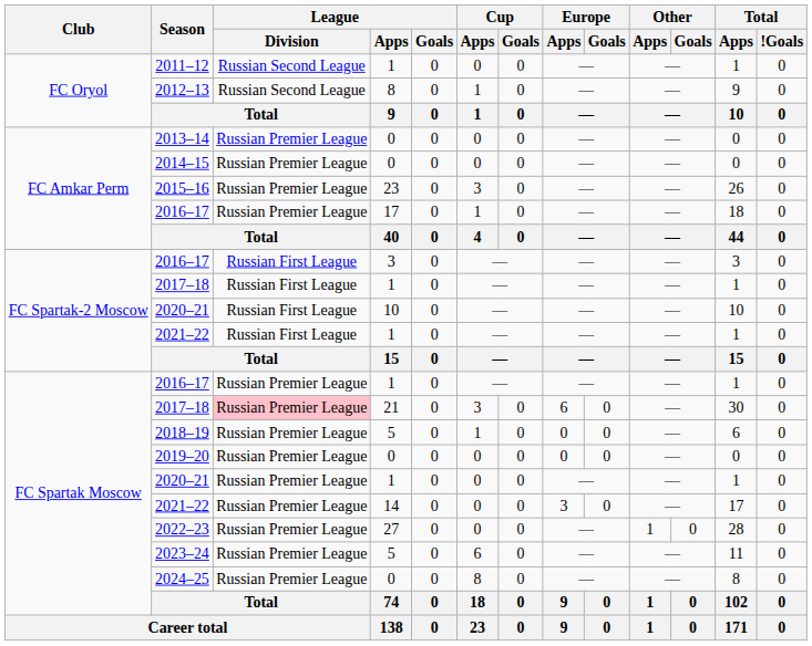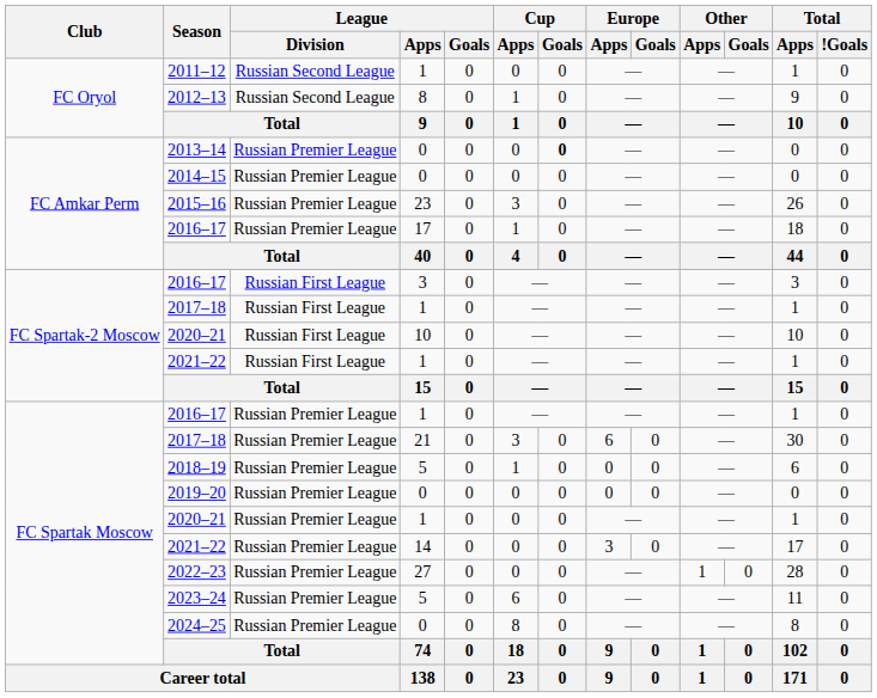 <table class="wikitable" style="text-align: center;">
 <tr>
 <th rowspan="2">Club</th>
 <th rowspan="2">Season</th>
 <th colspan="3">League</th>
 <th colspan="2">Cup</th>
 <th colspan="2">Europe</th>
 <th colspan="2">Other</th>
 <th colspan="2">Total</th>
 </tr>
 <tr>
 <th>Division</th>
 <th>Apps</th>
 <th>Goals</th>
 <th>Apps</th>
 <th>Goals</th>
 <th>Apps</th>
 <th>Goals</th>
 <th>Apps</th>
 <th>Goals</th>
 <th>Apps</th>
 <th>!Goals</th>
 </tr>
 <tr>
 <td rowspan=3><a href='#'>FC Oryol</a></td>
 <td><a href='#'>2011–12</a></td>
 <td><a href='#'>Russian Second League</a></td>
 <td>1</td>
 <td>0</td>
 <td>0</td>
 <td>0</td>
 <td colspan="2">—</td>
 <td colspan="2">—</td>
 <td>1</td>
 <td>0</td>
 </tr>
 <tr>
 <td><a href='#'>2012–13</a></td>
 <td>Russian Second League</td>
 <td>8</td>
 <td>0</td>
 <td>1</td>
 <td>0</td>
 <td colspan="2">—</td>
 <td colspan="2">—</td>
 <td>9</td>
 <td>0</td>
 </tr>
 <tr>
 <th colspan="2">Total</th>
 <th>9</th>
 <th>0</th>
 <th>1</th>
 <th>0</th>
 <th colspan="2">—</th>
 <th colspan="2">—</th>
 <th>10</th>
 <th>0</th>
 </tr>
 <tr>
 <td rowspan="5"><a href='#'>FC Amkar Perm</a></td>
 <td><a href='#'>2013–14</a></td>
 <td><a href='#'>Russian Premier League</a></td>
 <td>0</td>
 <td>0</td>
 <td>0</td>
-<td>0</td>
+<td><strong>0</strong></td>
 <td colspan="2">—</td>
 <td colspan="2">—</td>
 <td>0</td>
 <td>0</td>
 </tr>
 <tr>
 <td><a href='#'>2014–15</a></td>
 <td>Russian Premier League</td>
 <td>0</td>
 <td>0</td>
 <td>0</td>
 <td>0</td>
 <td colspan="2">—</td>
 <td colspan="2">—</td>
 <td>0</td>
 <td>0</td>
 </tr>
 <tr>
 <td><a href='#'>2015–16</a></td>
 <td>Russian Premier League</td>
 <td>23</td>
 <td>0</td>
 <td>3</td>
 <td>0</td>
 <td colspan="2">—</td>
 <td colspan="2">—</td>
 <td>26</td>
 <td>0</td>
 </tr>
 <tr>
 <td><a href='#'>2016–17</a></td>
 <td>Russian Premier League</td>
 <td>17</td>
 <td>0</td>
 <td>1</td>
 <td>0</td>
 <td colspan="2">—</td>
 <td colspan="2">—</td>
 <td>18</td>
 <td>0</td>
 </tr>
 <tr>
 <th colspan="2">Total</th>
 <th>40</th>
 <th>0</th>
 <th>4</th>
 <th>0</th>
 <th colspan="2">—</th>
 <th colspan="2">—</th>
 <th>44</th>
 <th>0</th>
 </tr>
 <tr>
 <td rowspan="5"><a href='#'>FC Spartak-2 Moscow</a></td>
 <td><a href='#'>2016–17</a></td>
 <td><a href='#'>Russian First League</a></td>
 <td>3</td>
 <td>0</td>
 <td colspan="2">—</td>
 <td colspan="2">—</td>
 <td colspan="2">—</td>
 <td>3</td>
 <td>0</td>
 </tr>
 <tr>
 <td><a href='#'>2017–18</a></td>
 <td>Russian First League</td>
 <td>1</td>
 <td>0</td>
 <td colspan="2">—</td>
 <td colspan="2">—</td>
 <td colspan="2">—</td>
 <td>1</td>
 <td>0</td>
 </tr>
 <tr>
 <td><a href='#'>2020–21</a></td>
 <td>Russian First League</td>
 <td>10</td>
 <td>0</td>
 <td colspan="2">—</td>
 <td colspan="2">—</td>
 <td colspan="2">—</td>
 <td>10</td>
 <td>0</td>
 </tr>
 <tr>
 <td><a href='#'>2021–22</a></td>
 <td>Russian First League</td>
 <td>1</td>
 <td>0</td>
 <td colspan="2">—</td>
 <td colspan="2">—</td>
 <td colspan="2">—</td>
 <td>1</td>
 <td>0</td>
 </tr>
 <tr>
 <th colspan="2">Total</th>
 <th>15</th>
 <th>0</th>
 <th colspan="2">—</th>
 <th colspan="2">—</th>
 <th colspan="2">—</th>
 <th>15</th>
 <th>0</th>
 </tr>
 <tr>
 <td rowspan="10"><a href='#'>FC Spartak Moscow</a></td>
 <td><a href='#'>2016–17</a></td>
 <td>Russian Premier League</td>
 <td>1</td>
 <td>0</td>
 <td colspan="2">—</td>
 <td colspan="2">—</td>
 <td colspan="2">—</td>
 <td>1</td>
 <td>0</td>
 </tr>
 <tr>
 <td><a href='#'>2017–18</a></td>
-<td style="background: pink;">Russian Premier League</td>
+<td>Russian Premier League</td>
 <td>21</td>
 <td>0</td>
 <td>3</td>
 <td>0</td>
 <td>6</td>
 <td>0</td>
 <td colspan="2">—</td>
 <td>30</td>
 <td>0</td>
 </tr>
 <tr>
 <td><a href='#'>2018–19</a></td>
 <td>Russian Premier League</td>
 <td>5</td>
 <td>0</td>
 <td>1</td>
 <td>0</td>
 <td>0</td>
 <td>0</td>
 <td colspan="2">—</td>
 <td>6</td>
 <td>0</td>
 </tr>
 <tr>
 <td><a href='#'>2019–20</a></td>
 <td>Russian Premier League</td>
 <td>0</td>
 <td>0</td>
 <td>0</td>
 <td>0</td>
 <td>0</td>
 <td>0</td>
 <td colspan="2">—</td>
 <td>0</td>
 <td>0</td>
 </tr>
 <tr>
 <td><a href='#'>2020–21</a></td>
 <td>Russian Premier League</td>
 <td>1</td>
 <td>0</td>
 <td>0</td>
 <td>0</td>
 <td colspan="2">—</td>
 <td colspan="2">—</td>
 <td>1</td>
 <td>0</td>
 </tr>
 <tr>
 <td><a href='#'>2021–22</a></td>
 <td>Russian Premier League</td>
 <td>14</td>
 <td>0</td>
 <td>0</td>
 <td>0</td>
 <td>3</td>
 <td>0</td>
 <td colspan="2">—</td>
 <td>17</td>
 <td>0</td>
 </tr>
 <tr>
 <td><a href='#'>2022–23</a></td>
 <td>Russian Premier League</td>
 <td>27</td>
 <td>0</td>
 <td>0</td>
 <td>0</td>
 <td colspan="2">—</td>
 <td>1</td>
 <td>0</td>
 <td>28</td>
 <td>0</td>
 </tr>
 <tr>
 <td><a href='#'>2023–24</a></td>
 <td>Russian Premier League</td>
 <td>5</td>
 <td>0</td>
 <td>6</td>
 <td>0</td>
 <td colspan="2">—</td>
 <td colspan="2">—</td>
 <td>11</td>
 <td>0</td>
 </tr>
 <tr>
 <td><a href='#'>2024–25</a></td>
 <td>Russian Premier League</td>
 <td>0</td>
 <td>0</td>
 <td>8</td>
 <td>0</td>
 <td colspan="2">—</td>
 <td colspan="2">—</td>
 <td>8</td>
 <td>0</td>
 </tr>
 <tr>
 <th colspan="2">Total</th>
 <th>74</th>
 <th>0</th>
 <th>18</th>
 <th>0</th>
 <th>9</th>
 <th>0</th>
 <th>1</th>
 <th>0</th>
 <th>102</th>
 <th>0</th>
 </tr>
 <tr>
 <th colspan="3">Career total</th>
 <th>138</th>
 <th>0</th>
 <th>23</th>
 <th>0</th>
 <th>9</th>
 <th>0</th>
 <th>1</th>
 <th>0</th>
 <th>171</th>
 <th>0</th>
 </tr>
 </table>
